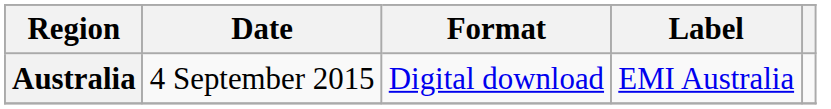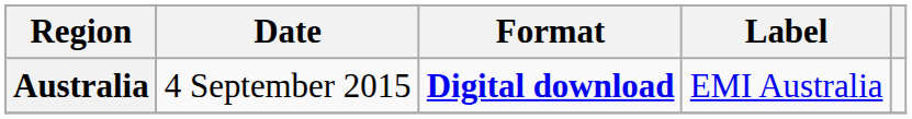 <table class="wikitable sortable plainrowheaders">
 <tr>
 <th scope="col">Region</th>
 <th scope="col">Date</th>
 <th scope="col">Format</th>
 <th scope="col">Label</th>
 <th scope="col"></th>
 </tr>
 <tr>
 <th scope="row">Australia</th>
 <td>4 September 2015</td>
-<td><a href='#'>Digital download</a></td>
+<td><strong><a href='#'>Digital download</a></strong></td>
 <td><a href='#'>EMI Australia</a></td>
 <td></td>
 </tr>
 <tr>
 </tr>
 </table>
